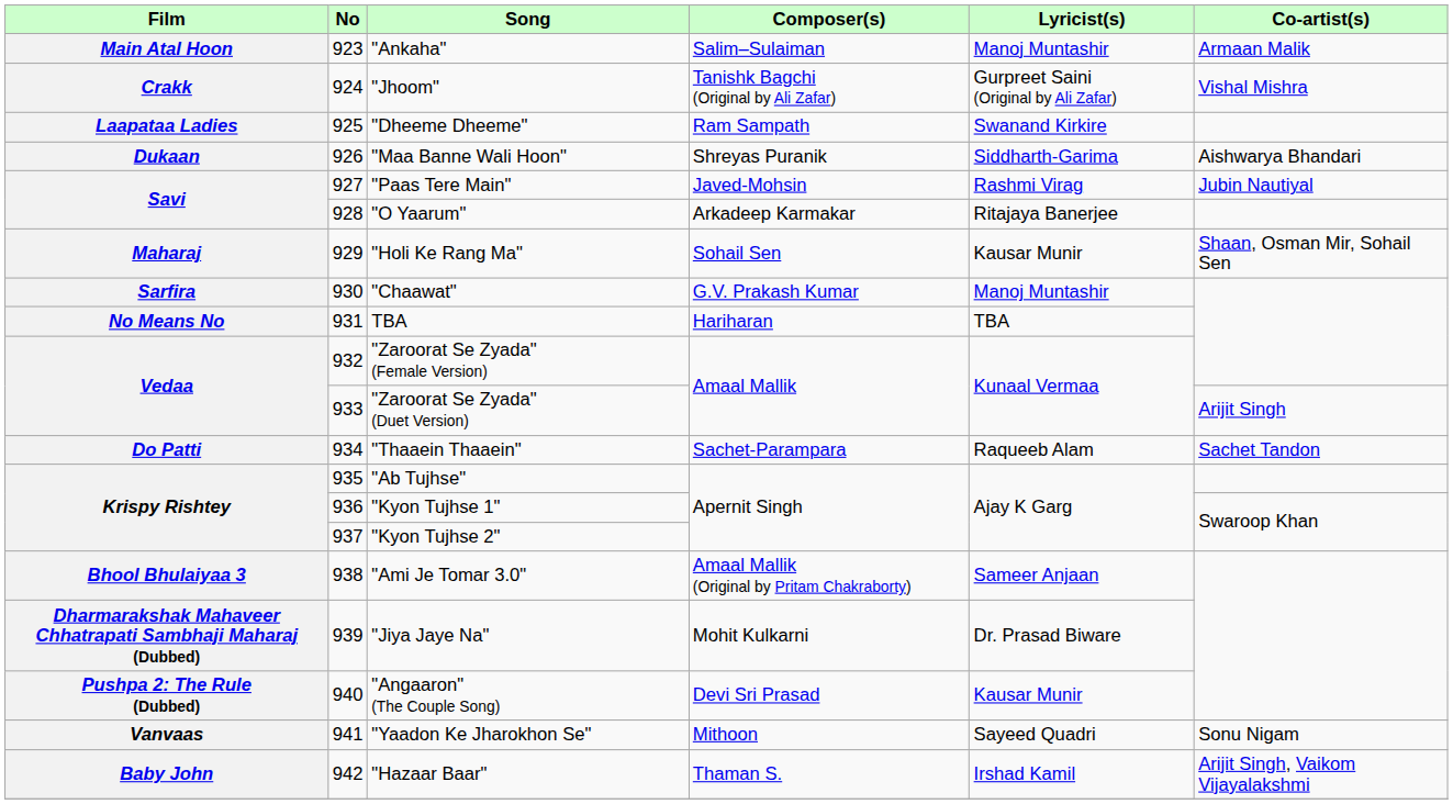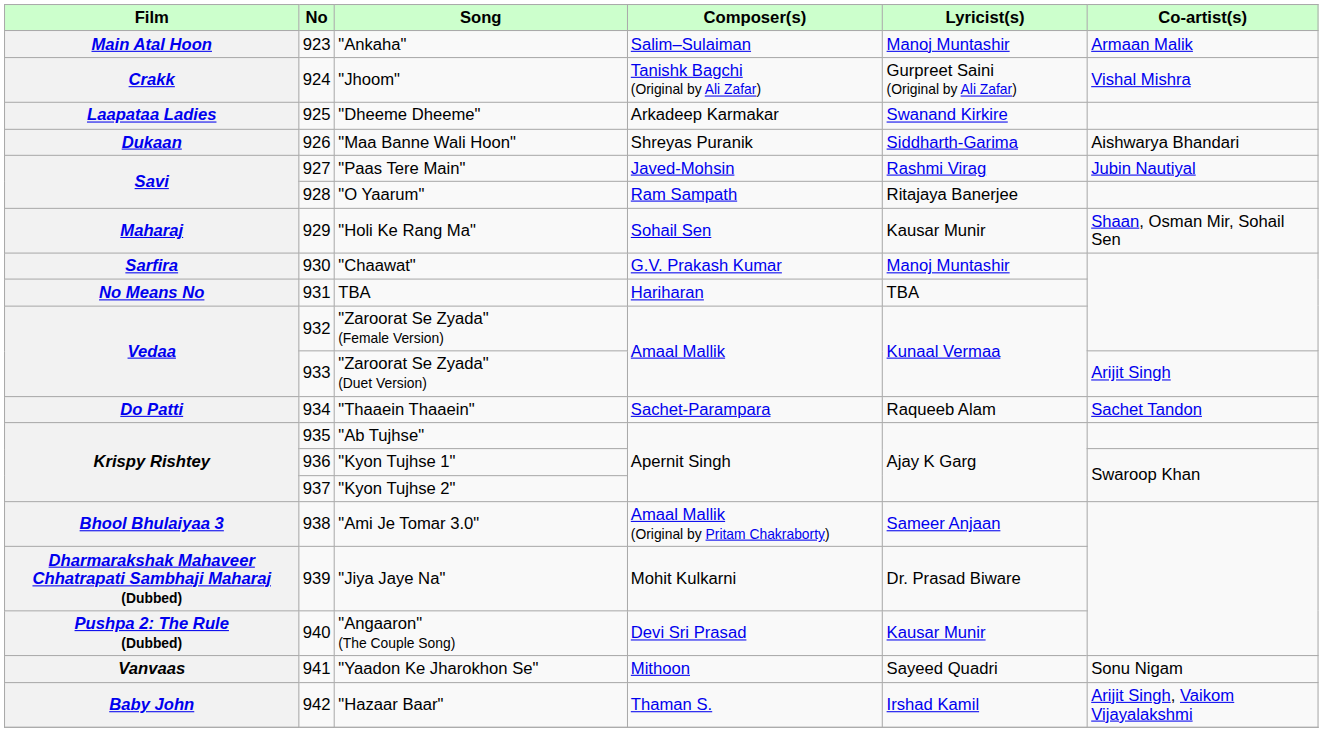 <table class="wikitable plainrowheaders" style="width:100%; textcolor:#000">
 <tr style="background:#cfc; text-align:center;">
 <td scope="col" style="width:23%;"><strong>Film</strong></td>
 <td><strong>No</strong></td>
 <td scope="col" style="width:23%;"><strong>Song</strong></td>
 <td scope="col" style="width:20%;"><strong>Composer(s)</strong></td>
 <td scope="col" style="width:16%;"><strong>Lyricist(s)</strong></td>
 <td scope="col" style="width:18%;"><strong>Co-artist(s)</strong></td>
 </tr>
 <tr>
 <th scope="row"><em><a href='#'>Main Atal Hoon</a></em></th>
 <td>923</td>
 <td>"Ankaha"</td>
 <td><a href='#'>Salim–Sulaiman</a></td>
 <td><a href='#'>Manoj Muntashir</a></td>
 <td><a href='#'>Armaan Malik</a></td>
 </tr>
 <tr>
 <th scope="row"><em><a href='#'>Crakk</a></em></th>
 <td>924</td>
 <td>"Jhoom"</td>
 <td><a href='#'>Tanishk Bagchi</a><br><small>(Original by <a href='#'>Ali Zafar</a>)</small></td>
 <td>Gurpreet Saini<br><small>(Original by <a href='#'>Ali Zafar</a>)</small></td>
 <td><a href='#'>Vishal Mishra</a></td>
 </tr>
 <tr>
 <th scope="row"><em><a href='#'>Laapataa Ladies</a></em></th>
 <td>925</td>
 <td>"Dheeme Dheeme"</td>
-<td><a href='#'>Ram Sampath</a></td>
+<td>Arkadeep Karmakar</td>
 <td><a href='#'>Swanand Kirkire</a></td>
 <td></td>
 </tr>
 <tr>
 <th scope="row"><em><a href='#'>Dukaan</a></em></th>
 <td>926</td>
 <td>"Maa Banne Wali Hoon"</td>
 <td>Shreyas Puranik</td>
 <td><a href='#'>Siddharth-Garima</a></td>
 <td>Aishwarya Bhandari</td>
 </tr>
 <tr>
 <th scope="row" rowspan="2"><em><a href='#'>Savi</a></em></th>
 <td>927</td>
 <td>"Paas Tere Main"</td>
 <td><a href='#'>Javed-Mohsin</a></td>
 <td><a href='#'>Rashmi Virag</a></td>
 <td><a href='#'>Jubin Nautiyal</a></td>
 </tr>
 <tr>
 <td>928</td>
 <td>"O Yaarum"</td>
-<td>Arkadeep Karmakar</td>
+<td><a href='#'>Ram Sampath</a></td>
 <td>Ritajaya Banerjee</td>
 <td></td>
 </tr>
 <tr>
 <th scope="row"><em><a href='#'>Maharaj</a></em></th>
 <td>929</td>
 <td>"Holi Ke Rang Ma"</td>
 <td><a href='#'>Sohail Sen</a></td>
 <td>Kausar Munir</td>
 <td><a href='#'>Shaan</a>, Osman Mir, Sohail Sen</td>
 </tr>
 <tr>
 <th scope="row"><em><a href='#'>Sarfira</a></em></th>
 <td>930</td>
 <td>"Chaawat"</td>
 <td><a href='#'>G.V. Prakash Kumar</a></td>
 <td><a href='#'>Manoj Muntashir</a></td>
 <td rowspan="3"></td>
 </tr>
 <tr>
 <th scope=row><em><a href='#'>No Means No</a></em></th>
 <td>931</td>
 <td>TBA</td>
 <td><a href='#'>Hariharan</a></td>
 <td>TBA</td>
 </tr>
 <tr>
 <th scope="row"  rowspan="2"><em><a href='#'>Vedaa</a></em></th>
 <td>932</td>
 <td>"Zaroorat Se Zyada"<br><small>(Female Version)</small></td>
 <td rowspan="2"><a href='#'>Amaal Mallik</a></td>
 <td rowspan="2"><a href='#'>Kunaal Vermaa</a></td>
 </tr>
 <tr>
 <td>933</td>
 <td>"Zaroorat Se Zyada"<br><small>(Duet Version)</small></td>
 <td><a href='#'>Arijit Singh</a></td>
 </tr>
 <tr>
 <th scope="row"><em><a href='#'>Do Patti</a></em></th>
 <td>934</td>
 <td>"Thaaein Thaaein"</td>
 <td><a href='#'>Sachet-Parampara</a></td>
 <td>Raqueeb Alam</td>
 <td><a href='#'>Sachet Tandon</a></td>
 </tr>
 <tr>
 <th scope="row" rowspan="3"><em>Krispy Rishtey</em></th>
 <td>935</td>
 <td>"Ab Tujhse"</td>
 <td rowspan="3">Apernit Singh</td>
 <td rowspan="3">Ajay K Garg</td>
 <td></td>
 </tr>
 <tr>
 <td>936</td>
 <td>"Kyon Tujhse 1"</td>
 <td rowspan="2">Swaroop Khan</td>
 </tr>
 <tr>
 <td>937</td>
 <td>"Kyon Tujhse 2"</td>
 </tr>
 <tr>
 <th scope="row"><em><a href='#'>Bhool Bhulaiyaa 3</a></em></th>
 <td>938</td>
 <td>"Ami Je Tomar 3.0"</td>
 <td><a href='#'>Amaal Mallik</a><br><small>(Original by <a href='#'>Pritam Chakraborty</a>)</small></td>
 <td><a href='#'>Sameer Anjaan</a></td>
 <td rowspan="3"></td>
 </tr>
 <tr>
 <th scope="row"><em><a href='#'> Dharmarakshak Mahaveer Chhatrapati Sambhaji Maharaj</a></em><br><small>(Dubbed)</small></th>
 <td>939</td>
 <td>"Jiya Jaye Na"</td>
 <td>Mohit Kulkarni</td>
 <td>Dr. Prasad Biware</td>
 </tr>
 <tr>
 <th scope="row"><em><a href='#'>Pushpa 2: The Rule</a></em> <br><small>(Dubbed)</small></th>
 <td>940</td>
 <td>"Angaaron"<br><small>(The Couple Song)</small></td>
 <td><a href='#'>Devi Sri Prasad</a></td>
 <td><a href='#'>Kausar Munir</a></td>
 </tr>
 <tr>
 <th scope="row"><em>Vanvaas</em></th>
 <td>941</td>
 <td>"Yaadon Ke Jharokhon Se"</td>
 <td><a href='#'>Mithoon</a></td>
 <td>Sayeed Quadri</td>
 <td>Sonu Nigam</td>
 </tr>
 <tr>
 <th scope="row"><em><a href='#'>Baby John</a></em></th>
 <td>942</td>
 <td>"Hazaar Baar"</td>
 <td><a href='#'>Thaman S.</a></td>
 <td><a href='#'>Irshad Kamil</a></td>
 <td><a href='#'>Arijit Singh</a>, <a href='#'>Vaikom Vijayalakshmi</a></td>
 </tr>
 <tr>
 </tr>
 </table>
